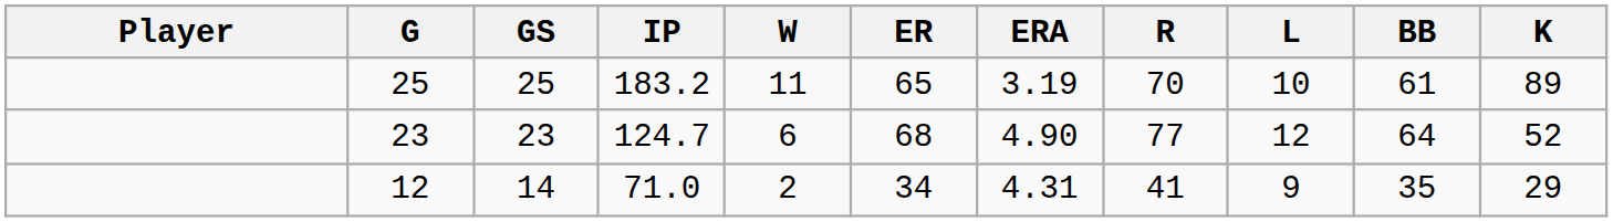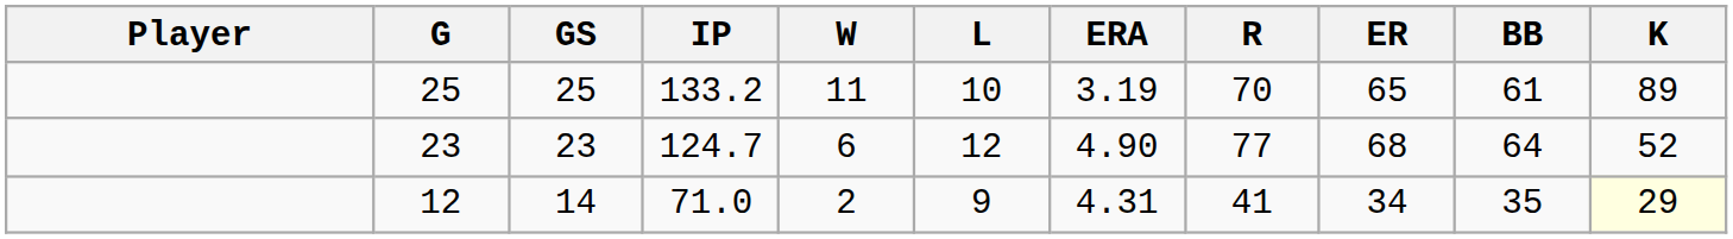 <table class="wikitable sortable">
 <tr>
 <th bgcolor="#DDDDFF" width="19%">Player</th>
 <th bgcolor="#DDDDFF" width="7%">G</th>
 <th bgcolor="#DDDDFF" width="7%">GS</th>
 <th bgcolor="#DDDDFF" width="7%">IP</th>
 <th bgcolor="#DDDDFF" width="7%">W</th>
-<th bgcolor="#DDDDFF" width="7%">ER</th>
+<th bgcolor="#DDDDFF" width="7%">L</th>
 <th bgcolor="#DDDDFF" width="7%">ERA</th>
 <th bgcolor="#DDDDFF" width="7%">R</th>
-<th bgcolor="#DDDDFF" width="7%">L</th>
+<th bgcolor="#DDDDFF" width="7%">ER</th>
 <th bgcolor="#DDDDFF" width="7%">BB</th>
 <th bgcolor="#DDDDFF" width="7%">K</th>
 </tr>
 <tr align="center">
 <td></td>
 <td>25</td>
 <td>25</td>
-<td>183.2</td>
+<td>133.2</td>
 <td>11</td>
-<td>65</td>
+<td>10</td>
 <td>3.19</td>
 <td>70</td>
-<td>10</td>
+<td>65</td>
 <td>61</td>
 <td>89</td>
 </tr>
 <tr align="center">
 <td></td>
 <td>23</td>
 <td>23</td>
 <td>124.7</td>
 <td>6</td>
-<td>68</td>
+<td>12</td>
 <td>4.90</td>
 <td>77</td>
-<td>12</td>
+<td>68</td>
 <td>64</td>
 <td>52</td>
 </tr>
 <tr align="center">
 <td></td>
 <td>12</td>
 <td>14</td>
 <td>71.0</td>
 <td>2</td>
-<td>34</td>
+<td>9</td>
 <td>4.31</td>
 <td>41</td>
-<td>9</td>
+<td>34</td>
 <td>35</td>
-<td>29</td>
+<td style="background: lightyellow;">29</td>
 </tr>
 </table>
